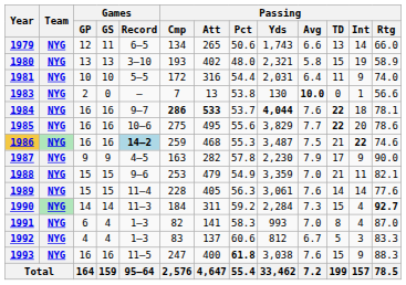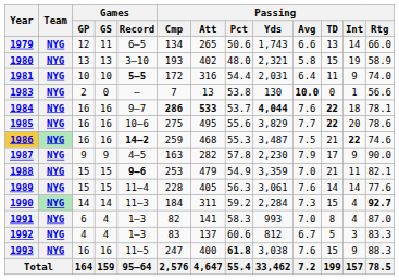 <table class="wikitable" style="text-align: center;">
 <tr>
 <th rowspan="2">Year</th>
 <th rowspan="2">Team</th>
 <th colspan="3">Games</th>
 <th colspan="8">Passing</th>
 </tr>
 <tr>
 <th>GP</th>
 <th>GS</th>
 <th>Record</th>
 <th>Cmp</th>
 <th>Att</th>
 <th>Pct</th>
 <th>Yds</th>
 <th>Avg</th>
 <th>TD</th>
 <th>Int</th>
 <th>Rtg</th>
 </tr>
 <tr>
 <th><a href='#'>1979</a></th>
 <th><a href='#'>NYG</a></th>
 <td>12</td>
 <td>11</td>
 <td>6–5</td>
 <td>134</td>
 <td>265</td>
 <td>50.6</td>
 <td>1,743</td>
 <td>6.6</td>
 <td>13</td>
 <td>14</td>
 <td>66.0</td>
 </tr>
 <tr>
 <th><a href='#'>1980</a></th>
 <th><a href='#'>NYG</a></th>
 <td>13</td>
 <td>13</td>
 <td>3–10</td>
 <td>193</td>
 <td>402</td>
 <td>48.0</td>
 <td>2,321</td>
 <td>5.8</td>
 <td>15</td>
 <td>19</td>
 <td>58.9</td>
 </tr>
 <tr>
 <th><a href='#'>1981</a></th>
 <th><a href='#'>NYG</a></th>
 <td>10</td>
 <td>10</td>
-<td>5–5</td>
+<td><strong>5–5</strong></td>
 <td>172</td>
 <td>316</td>
 <td>54.4</td>
 <td>2,031</td>
 <td>6.4</td>
 <td>11</td>
 <td>9</td>
 <td>74.0</td>
 </tr>
 <tr>
 <th><a href='#'>1983</a></th>
 <th><a href='#'>NYG</a></th>
 <td>2</td>
 <td>0</td>
 <td>—</td>
 <td>7</td>
 <td>13</td>
 <td>53.8</td>
 <td>130</td>
 <td><strong>10.0</strong></td>
 <td>0</td>
 <td>1</td>
 <td>56.6</td>
 </tr>
 <tr>
 <th><a href='#'>1984</a></th>
 <th><a href='#'>NYG</a></th>
 <td>16</td>
 <td>16</td>
 <td>9–7</td>
 <td><strong>286</strong></td>
 <td><strong>533</strong></td>
 <td>53.7</td>
 <td><strong>4,044</strong></td>
 <td>7.6</td>
 <td><strong>22</strong></td>
 <td>18</td>
 <td>78.1</td>
 </tr>
 <tr>
 <th><a href='#'>1985</a></th>
 <th><a href='#'>NYG</a></th>
 <td>16</td>
 <td>16</td>
 <td>10–6</td>
 <td>275</td>
 <td>495</td>
 <td>55.6</td>
 <td>3,829</td>
 <td>7.7</td>
 <td><strong>22</strong></td>
 <td>20</td>
 <td>78.6</td>
 </tr>
 <tr>
 <th style="background:#f4c842; width:3em;"><a href='#'>1986</a></th>
 <th style="background:#afe6ba; width:3em;"><a href='#'>NYG</a></th>
 <td>16</td>
 <td>16</td>
-<td style="background: lightblue;"><strong>14–2</strong></td>
+<td><strong>14–2</strong></td>
 <td>259</td>
 <td>468</td>
 <td>55.3</td>
 <td>3,487</td>
 <td>7.5</td>
 <td>21</td>
 <td><strong>22</strong></td>
 <td>74.6</td>
 </tr>
 <tr>
 <th><a href='#'>1987</a></th>
 <th><a href='#'>NYG</a></th>
 <td>9</td>
 <td>9</td>
 <td>4–5</td>
 <td>163</td>
 <td>282</td>
 <td>57.8</td>
 <td>2,230</td>
 <td>7.9</td>
 <td>17</td>
 <td>9</td>
 <td>90.0</td>
 </tr>
 <tr>
 <th><a href='#'>1988</a></th>
 <th><a href='#'>NYG</a></th>
 <td>15</td>
 <td>15</td>
-<td>9–6</td>
+<td><strong>9–6</strong></td>
 <td>253</td>
 <td>479</td>
 <td>54.9</td>
 <td>3,359</td>
 <td>7.0</td>
 <td>21</td>
 <td>11</td>
 <td>82.1</td>
 </tr>
 <tr>
 <th><a href='#'>1989</a></th>
 <th><a href='#'>NYG</a></th>
 <td>15</td>
 <td>15</td>
 <td>11–4</td>
 <td>228</td>
 <td>405</td>
 <td>56.3</td>
 <td>3,061</td>
 <td>7.6</td>
 <td>14</td>
 <td>14</td>
 <td>77.6</td>
 </tr>
 <tr>
 <th><a href='#'>1990</a></th>
 <th style="background:#afe6ba; width:3em;"><a href='#'>NYG</a></th>
 <td>14</td>
 <td>14</td>
 <td>11–3</td>
 <td>184</td>
 <td>311</td>
 <td>59.2</td>
 <td>2,284</td>
 <td>7.3</td>
 <td>15</td>
 <td>4</td>
 <td><strong>92.7</strong></td>
 </tr>
 <tr>
 <th><a href='#'>1991</a></th>
 <th><a href='#'>NYG</a></th>
 <td>6</td>
 <td>4</td>
 <td>1–3</td>
 <td>82</td>
 <td>141</td>
 <td>58.3</td>
 <td>993</td>
 <td>7.0</td>
 <td>8</td>
 <td>4</td>
 <td>87.0</td>
 </tr>
 <tr>
 <th><a href='#'>1992</a></th>
 <th><a href='#'>NYG</a></th>
 <td>4</td>
 <td>4</td>
 <td>1–3</td>
 <td>83</td>
 <td>137</td>
 <td>60.6</td>
 <td>812</td>
 <td>6.7</td>
 <td>5</td>
 <td>3</td>
 <td>83.3</td>
 </tr>
 <tr>
 <th><a href='#'>1993</a></th>
 <th><a href='#'>NYG</a></th>
 <td>16</td>
 <td>16</td>
 <td>11–5</td>
 <td>247</td>
 <td>400</td>
 <td><strong>61.8</strong></td>
 <td>3,038</td>
 <td>7.6</td>
 <td>15</td>
 <td>9</td>
 <td>88.3</td>
 </tr>
 <tr>
 <th colspan="2">Total</th>
 <th>164</th>
 <th>159</th>
 <th>95–64</th>
 <th>2,576</th>
 <th>4,647</th>
 <th>55.4</th>
 <th>33,462</th>
 <th>7.2</th>
 <th>199</th>
 <th>157</th>
 <th>78.5</th>
 </tr>
 </table>
